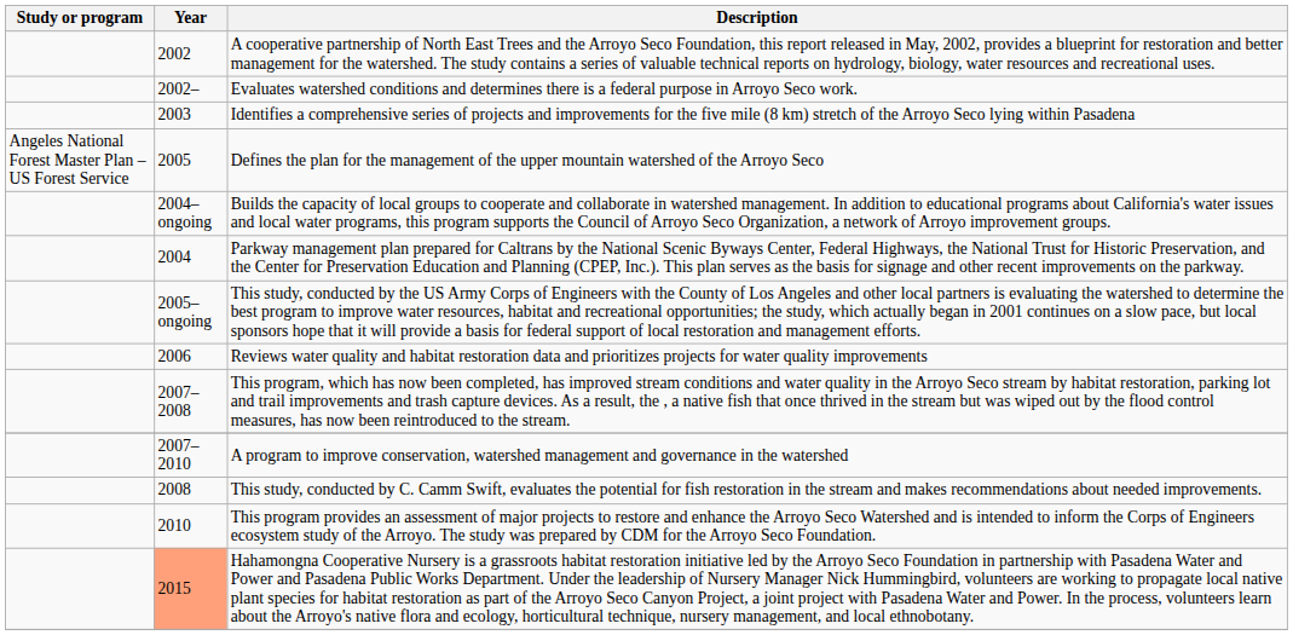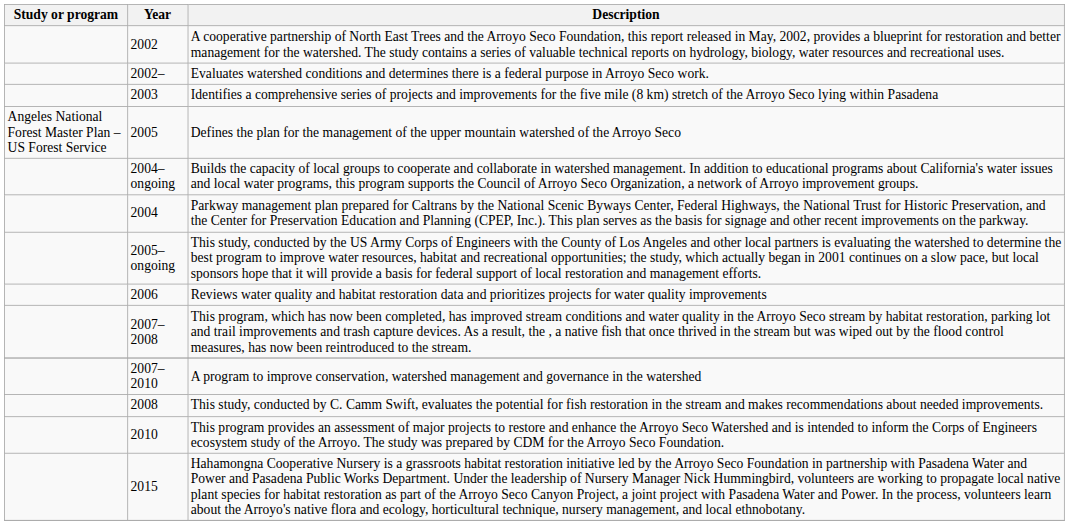 <table class="wikitable">
 <tr>
 <th>Study or program</th>
 <th>Year</th>
 <th>Description</th>
 </tr>
 <tr>
 <td></td>
 <td>2002</td>
 <td>A cooperative partnership of North East Trees and the Arroyo Seco Foundation, this report released in May, 2002, provides a blueprint for restoration and better management for the watershed.  The study contains a series of valuable technical reports on hydrology, biology, water resources and recreational uses.</td>
 </tr>
 <tr>
 <td></td>
 <td>2002–</td>
 <td>Evaluates watershed conditions and determines there is a federal purpose in Arroyo Seco work.</td>
 </tr>
 <tr>
 <td></td>
 <td>2003</td>
 <td>Identifies a comprehensive series of projects and improvements for the five mile (8 km) stretch of the Arroyo Seco lying within Pasadena</td>
 </tr>
 <tr>
 <td>Angeles National Forest Master Plan – US Forest Service</td>
 <td>2005</td>
 <td>Defines the plan for the management of the upper mountain watershed of the Arroyo Seco</td>
 </tr>
 <tr>
 <td></td>
 <td>2004– ongoing</td>
 <td>Builds the capacity of local groups to cooperate and collaborate in watershed management.  In addition to educational programs about California's water issues and local water programs, this program supports the Council of Arroyo Seco Organization, a network of Arroyo improvement groups.</td>
 </tr>
 <tr>
 <td></td>
 <td>2004</td>
 <td>Parkway management plan prepared for Caltrans by the National Scenic Byways Center, Federal Highways, the National Trust for Historic Preservation, and the Center for Preservation Education and Planning (CPEP, Inc.).  This plan serves as the basis for signage and other recent improvements on the parkway.</td>
 </tr>
 <tr>
 <td></td>
 <td>2005– ongoing</td>
 <td>This study, conducted by the US Army Corps of Engineers with the County of Los Angeles and other local partners is evaluating the watershed to determine the best program to improve water resources, habitat and recreational opportunities; the study, which actually began in 2001 continues on a slow pace, but local sponsors hope that it will provide a basis for federal support of local restoration and management efforts.</td>
 </tr>
 <tr>
 <td></td>
 <td>2006</td>
 <td>Reviews water quality and habitat restoration data and prioritizes projects for water quality improvements</td>
 </tr>
 <tr>
 <td></td>
 <td>2007–2008</td>
 <td>This program, which has now been completed, has improved stream conditions and water quality in the Arroyo Seco stream by habitat restoration, parking lot and trail improvements and trash capture devices. As a result, the , a native fish that once thrived in the stream but was wiped out by the flood control measures, has now been reintroduced to the stream.</td>
 </tr>
 <tr>
 </tr>
 <tr>
 <td></td>
 <td>2007–2010</td>
 <td>A program to improve conservation, watershed management and governance in the watershed</td>
 </tr>
 <tr>
 <td></td>
 <td>2008</td>
 <td>This study, conducted by C. Camm Swift, evaluates the potential for fish restoration in the stream and makes recommendations about needed improvements.</td>
 </tr>
 <tr>
 <td></td>
 <td>2010</td>
 <td>This program provides an assessment of major projects to restore and enhance the Arroyo Seco Watershed and is intended to inform the Corps of Engineers ecosystem study of the Arroyo. The study was prepared by CDM for the Arroyo Seco Foundation.</td>
 </tr>
 <tr>
 <td></td>
-<td style="background: lightsalmon;">2015</td>
+<td>2015</td>
 <td>Hahamongna Cooperative Nursery is a grassroots habitat restoration initiative led by the Arroyo Seco Foundation in partnership with Pasadena Water and Power and Pasadena Public Works Department. Under the leadership of Nursery Manager Nick Hummingbird, volunteers are working to propagate local native plant species for habitat restoration as part of the Arroyo Seco Canyon Project, a joint project with Pasadena Water and Power. In the process, volunteers learn about the Arroyo's native flora and ecology, horticultural technique, nursery management, and local ethnobotany.</td>
 </tr>
 <tr>
 </tr>
 </table>
